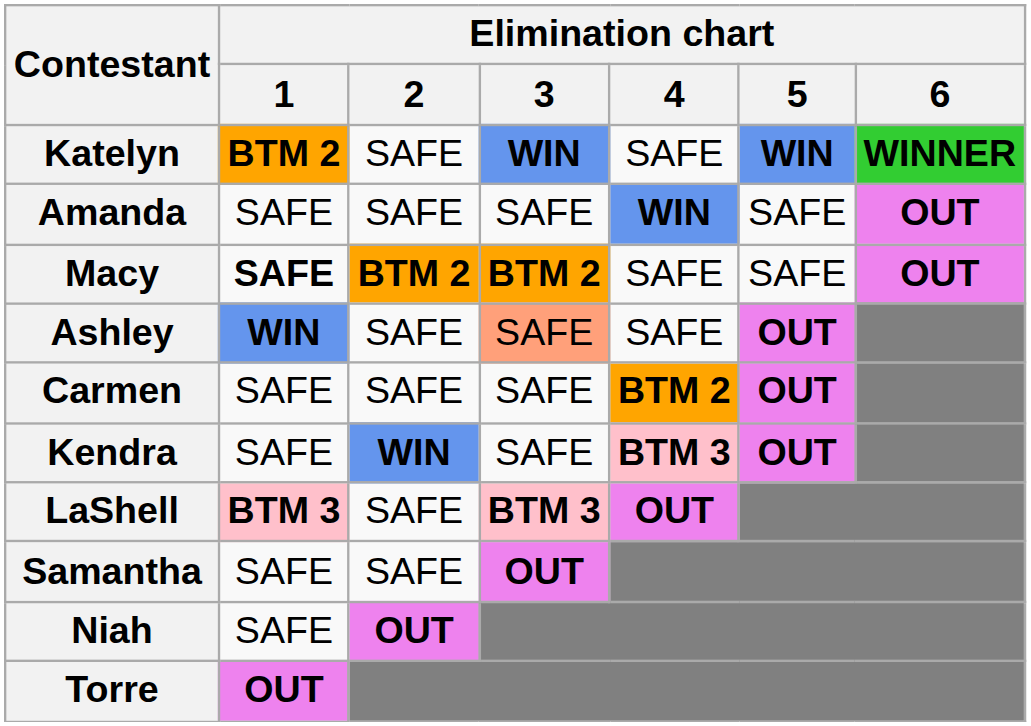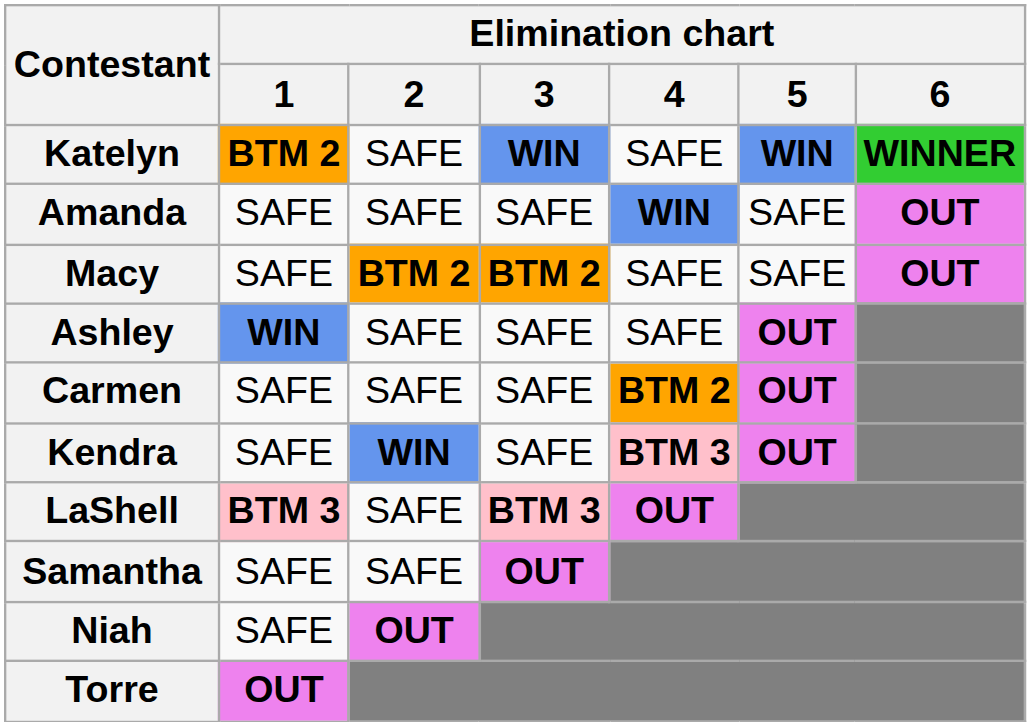 <table class="wikitable" style="text-align:center">
 <tr>
 <th rowspan="2">Contestant</th>
 <th colspan="8">Elimination chart</th>
 </tr>
 <tr>
 <th>1</th>
 <th>2</th>
 <th>3</th>
 <th>4</th>
 <th>5</th>
 <th>6</th>
 </tr>
 <tr>
 <th>Katelyn</th>
 <td bgcolor="orange"><strong>BTM 2</strong></td>
 <td>SAFE</td>
 <td bgcolor="cornflowerblue"><strong>WIN</strong></td>
 <td>SAFE</td>
 <td bgcolor="cornflowerblue"><strong>WIN</strong></td>
 <td bgcolor="limegreen"><strong>WINNER</strong></td>
 </tr>
 <tr>
 <th>Amanda</th>
 <td>SAFE</td>
 <td>SAFE</td>
 <td>SAFE</td>
 <td bgcolor="cornflowerblue"><strong>WIN</strong></td>
 <td>SAFE</td>
 <td bgcolor="violet"><strong>OUT</strong></td>
 </tr>
 <tr>
 <th>Macy</th>
-<td><strong>SAFE</strong></td>
+<td>SAFE</td>
 <td bgcolor="orange"><strong>BTM 2</strong></td>
 <td bgcolor="orange"><strong>BTM 2</strong></td>
 <td>SAFE</td>
 <td>SAFE</td>
 <td bgcolor="violet"><strong>OUT</strong></td>
 </tr>
 <tr>
 <th>Ashley</th>
 <td bgcolor="cornflowerblue"><strong>WIN</strong></td>
 <td>SAFE</td>
-<td style="background: lightsalmon;">SAFE</td>
+<td>SAFE</td>
 <td>SAFE</td>
 <td bgcolor="violet"><strong>OUT</strong></td>
 <td colspan="1" bgcolor="gray"></td>
 </tr>
 <tr>
 <th>Carmen</th>
 <td>SAFE</td>
 <td>SAFE</td>
 <td>SAFE</td>
 <td bgcolor="orange"><strong>BTM 2</strong></td>
 <td bgcolor="violet"><strong>OUT</strong></td>
 <td colspan="1" bgcolor="gray"></td>
 </tr>
 <tr>
 <th>Kendra</th>
 <td>SAFE</td>
 <td bgcolor="cornflowerblue"><strong>WIN</strong></td>
 <td>SAFE</td>
 <td bgcolor="pink"><strong>BTM 3</strong></td>
 <td bgcolor="violet"><strong>OUT</strong></td>
 <td colspan="1" bgcolor="gray"></td>
 </tr>
 <tr>
 <th>LaShell</th>
 <td bgcolor="pink"><strong>BTM 3</strong></td>
 <td>SAFE</td>
 <td bgcolor="pink"><strong>BTM 3</strong></td>
 <td bgcolor="violet"><strong>OUT</strong></td>
 <td colspan="2" bgcolor="gray"></td>
 </tr>
 <tr>
 <th>Samantha</th>
 <td>SAFE</td>
 <td>SAFE</td>
 <td bgcolor="violet"><strong>OUT</strong></td>
 <td colspan="3" bgcolor="gray"></td>
 </tr>
 <tr>
 <th>Niah</th>
 <td>SAFE</td>
 <td bgcolor="violet"><strong>OUT</strong></td>
 <td colspan="4" bgcolor="gray"></td>
 </tr>
 <tr>
 <th>Torre</th>
 <td bgcolor="violet"><strong>OUT</strong></td>
 <td colspan="5" bgcolor="gray"></td>
 </tr>
 </table>
